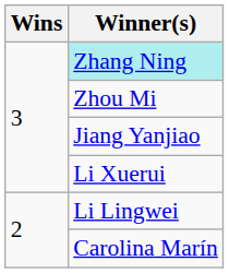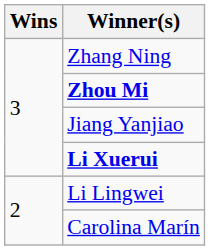 <table class="wikitable">
 <tr>
 <th>Wins</th>
 <th>Winner(s)</th>
 </tr>
 <tr>
 <td rowspan="4">3</td>
-<td style="background: paleturquoise;"><a href='#'>Zhang Ning</a> </td>
+<td><a href='#'>Zhang Ning</a> </td>
 </tr>
 <tr>
-<td><a href='#'>Zhou Mi</a> </td>
+<td><strong><a href='#'>Zhou Mi</a> </strong></td>
 </tr>
 <tr>
 <td><a href='#'>Jiang Yanjiao</a> </td>
 </tr>
 <tr>
-<td><a href='#'>Li Xuerui</a> </td>
+<td><strong><a href='#'>Li Xuerui</a> </strong></td>
 </tr>
 <tr>
 <td rowspan="3">2</td>
 <td><a href='#'>Li Lingwei</a> </td>
 </tr>
 <tr>
 <td><a href='#'>Carolina Marín</a> </td>
 </tr>
 </table>
